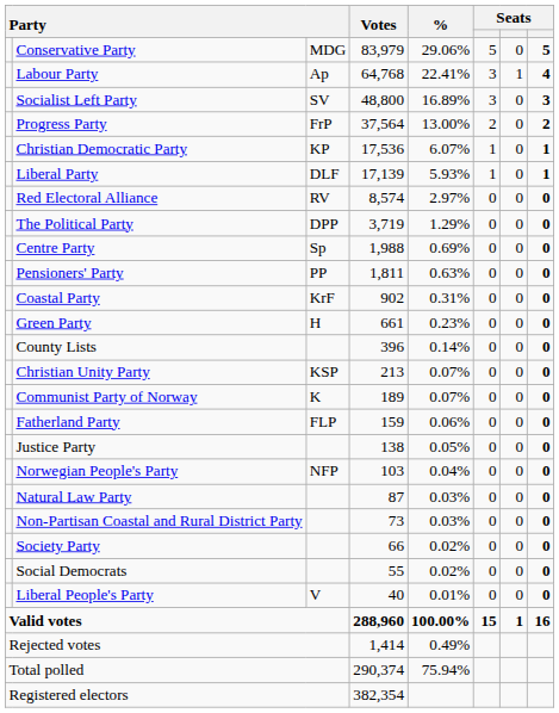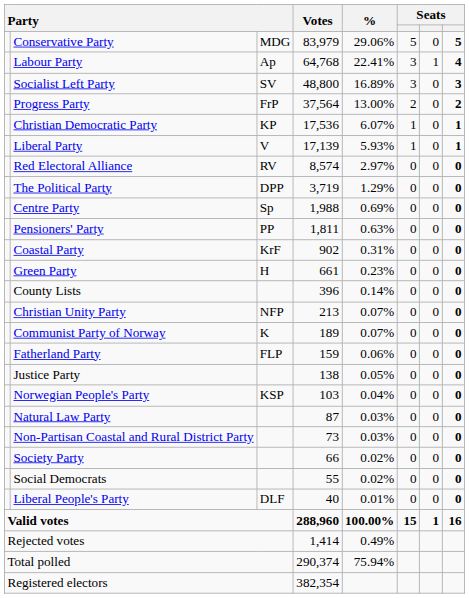 <table class="wikitable" border="1" style="text-align:right;">
 <tr>
 <th style="text-align:left;" valign=bottom rowspan=2 colspan=3>Party</th>
 <th align=center valign=bottom rowspan=2 width="50">Votes</th>
 <th align=center valign=bottom rowspan=2 width="50">%</th>
 <th colspan=3>Seats</th>
 </tr>
 <tr>
 <th align=center valign=bottom width="20"><small></small></th>
 <th align=center valign=bottom width="20"><small><a href='#'></a></small></th>
 <th align=center valign=bottom width="20"><small></small></th>
 </tr>
 <tr>
 <td style="color:inherit;background:"></td>
 <td align=left><a href='#'>Conservative Party</a></td>
 <td align=left>MDG</td>
 <td>83,979</td>
 <td>29.06%</td>
 <td>5</td>
 <td>0</td>
 <td><strong>5</strong></td>
 </tr>
 <tr>
 <td style="color:inherit;background:"></td>
 <td align=left><a href='#'>Labour Party</a></td>
 <td align=left>Ap</td>
 <td>64,768</td>
 <td>22.41%</td>
 <td>3</td>
 <td>1</td>
 <td><strong>4</strong></td>
 </tr>
 <tr>
 <td style="color:inherit;background:"></td>
 <td align=left><a href='#'>Socialist Left Party</a></td>
 <td align=left>SV</td>
 <td>48,800</td>
 <td>16.89%</td>
 <td>3</td>
 <td>0</td>
 <td><strong>3</strong></td>
 </tr>
 <tr>
 <td style="color:inherit;background:"></td>
 <td align=left><a href='#'>Progress Party</a></td>
 <td align=left>FrP</td>
 <td>37,564</td>
 <td>13.00%</td>
 <td>2</td>
 <td>0</td>
 <td><strong>2</strong></td>
 </tr>
 <tr>
 <td style="color:inherit;background:"></td>
 <td align=left><a href='#'>Christian Democratic Party</a></td>
 <td align=left>KP</td>
 <td>17,536</td>
 <td>6.07%</td>
 <td>1</td>
 <td>0</td>
 <td><strong>1</strong></td>
 </tr>
 <tr>
 <td style="color:inherit;background:"></td>
 <td align=left><a href='#'>Liberal Party</a></td>
-<td align=left>DLF</td>
+<td align=left>V</td>
 <td>17,139</td>
 <td>5.93%</td>
 <td>1</td>
 <td>0</td>
 <td><strong>1</strong></td>
 </tr>
 <tr>
 <td style="color:inherit;background:"></td>
 <td align=left><a href='#'>Red Electoral Alliance</a></td>
 <td align=left>RV</td>
 <td>8,574</td>
 <td>2.97%</td>
 <td>0</td>
 <td>0</td>
 <td><strong>0</strong></td>
 </tr>
 <tr>
 <td style="color:inherit;background:"></td>
 <td align=left><a href='#'>The Political Party</a></td>
 <td align=left>DPP</td>
 <td>3,719</td>
 <td>1.29%</td>
 <td>0</td>
 <td>0</td>
 <td><strong>0</strong></td>
 </tr>
 <tr>
 <td style="color:inherit;background:"></td>
 <td align=left><a href='#'>Centre Party</a></td>
 <td align=left>Sp</td>
 <td>1,988</td>
 <td>0.69%</td>
 <td>0</td>
 <td>0</td>
 <td><strong>0</strong></td>
 </tr>
 <tr>
 <td style="color:inherit;background:"></td>
 <td align=left><a href='#'>Pensioners' Party</a></td>
 <td align=left>PP</td>
 <td>1,811</td>
 <td>0.63%</td>
 <td>0</td>
 <td>0</td>
 <td><strong>0</strong></td>
 </tr>
 <tr>
 <td style="color:inherit;background:"></td>
 <td align=left><a href='#'>Coastal Party</a></td>
 <td align=left>KrF</td>
 <td>902</td>
 <td>0.31%</td>
 <td>0</td>
 <td>0</td>
 <td><strong>0</strong></td>
 </tr>
 <tr>
 <td style="color:inherit;background:"></td>
 <td align=left><a href='#'>Green Party</a></td>
 <td align=left>H</td>
 <td>661</td>
 <td>0.23%</td>
 <td>0</td>
 <td>0</td>
 <td><strong>0</strong></td>
 </tr>
 <tr>
 <td></td>
 <td align=left>County Lists</td>
 <td align=left></td>
 <td>396</td>
 <td>0.14%</td>
 <td>0</td>
 <td>0</td>
 <td><strong>0</strong></td>
 </tr>
 <tr>
 <td style="color:inherit;background:"></td>
 <td align=left><a href='#'>Christian Unity Party</a></td>
-<td align=left>KSP</td>
+<td align=left>NFP</td>
 <td>213</td>
 <td>0.07%</td>
 <td>0</td>
 <td>0</td>
 <td><strong>0</strong></td>
 </tr>
 <tr>
 <td style="color:inherit;background:"></td>
 <td align=left><a href='#'>Communist Party of Norway</a></td>
 <td align=left>K</td>
 <td>189</td>
 <td>0.07%</td>
 <td>0</td>
 <td>0</td>
 <td><strong>0</strong></td>
 </tr>
 <tr>
 <td style="color:inherit;background:"></td>
 <td align=left><a href='#'>Fatherland Party</a></td>
 <td align=left>FLP</td>
 <td>159</td>
 <td>0.06%</td>
 <td>0</td>
 <td>0</td>
 <td><strong>0</strong></td>
 </tr>
 <tr>
 <td></td>
 <td align=left>Justice Party</td>
 <td align=left></td>
 <td>138</td>
 <td>0.05%</td>
 <td>0</td>
 <td>0</td>
 <td><strong>0</strong></td>
 </tr>
 <tr>
 <td style="color:inherit;background:"></td>
 <td align=left><a href='#'>Norwegian People's Party</a></td>
-<td align=left>NFP</td>
+<td align=left>KSP</td>
 <td>103</td>
 <td>0.04%</td>
 <td>0</td>
 <td>0</td>
 <td><strong>0</strong></td>
 </tr>
 <tr>
 <td></td>
 <td align=left><a href='#'>Natural Law Party</a></td>
 <td align=left></td>
 <td>87</td>
 <td>0.03%</td>
 <td>0</td>
 <td>0</td>
 <td><strong>0</strong></td>
 </tr>
 <tr>
 <td></td>
 <td align=left><a href='#'>Non-Partisan Coastal and Rural District Party</a></td>
 <td align=left></td>
 <td>73</td>
 <td>0.03%</td>
 <td>0</td>
 <td>0</td>
 <td><strong>0</strong></td>
 </tr>
 <tr>
 <td style="color:inherit;background:"></td>
 <td align=left><a href='#'>Society Party</a></td>
 <td align=left></td>
 <td>66</td>
 <td>0.02%</td>
 <td>0</td>
 <td>0</td>
 <td><strong>0</strong></td>
 </tr>
 <tr>
 <td></td>
 <td align=left>Social Democrats</td>
 <td align=left></td>
 <td>55</td>
 <td>0.02%</td>
 <td>0</td>
 <td>0</td>
 <td><strong>0</strong></td>
 </tr>
 <tr>
 <td style="color:inherit;background:"></td>
 <td align=left><a href='#'>Liberal People's Party</a></td>
-<td align=left>V</td>
+<td align=left>DLF</td>
 <td>40</td>
 <td>0.01%</td>
 <td>0</td>
 <td>0</td>
 <td><strong>0</strong></td>
 </tr>
 <tr style="font-weight:bold">
 <td align=left colspan=3>Valid votes</td>
 <td>288,960</td>
 <td>100.00%</td>
 <td>15</td>
 <td>1</td>
 <td>16</td>
 </tr>
 <tr>
 <td align=left colspan=3>Rejected votes</td>
 <td>1,414</td>
 <td>0.49%</td>
 <td></td>
 <td></td>
 <td></td>
 </tr>
 <tr>
 <td align=left colspan=3>Total polled</td>
 <td>290,374</td>
 <td>75.94%</td>
 <td></td>
 <td></td>
 <td></td>
 </tr>
 <tr>
 <td align=left colspan=3>Registered electors</td>
 <td>382,354</td>
 <td></td>
 <td></td>
 <td></td>
 <td></td>
 </tr>
 </table>
